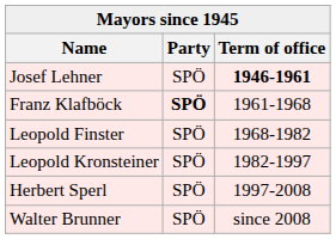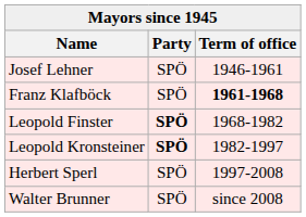 <table class="prettytable">
 <tr>
 <th style="background:#EFEFEF" align="center" colspan="4">Mayors since 1945</th>
 </tr>
 <tr style="background:#EFEFEF">
 <th>Name</th>
 <th>Party</th>
 <th>Term of office</th>
 </tr>
 <tr style="background:#FFE8E8;">
 <td>Josef Lehner</td>
 <td align="center">SPÖ</td>
-<td align="center"><strong>1946-1961</strong></td>
+<td align="center">1946-1961</td>
 </tr>
 <tr style="background:#FFE8E8;">
 <td>Franz Klafböck</td>
-<td align="center"><strong>SPÖ</strong></td>
-<td align="center">1961-1968</td>
+<td align="center">SPÖ</td>
+<td align="center"><strong>1961-1968</strong></td>
 </tr>
 <tr style="background:#FFE8E8;">
 <td>Leopold Finster</td>
-<td align="center">SPÖ</td>
+<td align="center"><strong>SPÖ</strong></td>
 <td align="center">1968-1982</td>
 </tr>
 <tr style="background:#FFE8E8;">
 <td>Leopold Kronsteiner</td>
-<td align="center">SPÖ</td>
+<td align="center"><strong>SPÖ</strong></td>
 <td align="center">1982-1997</td>
 </tr>
 <tr style="background:#FFE8E8;">
 <td>Herbert Sperl</td>
 <td align="center">SPÖ</td>
 <td align="center">1997-2008</td>
 </tr>
 <tr style="background:#FFE8E8;">
 <td>Walter Brunner</td>
 <td align="center">SPÖ</td>
 <td align="center">since 2008</td>
 </tr>
 </table>
